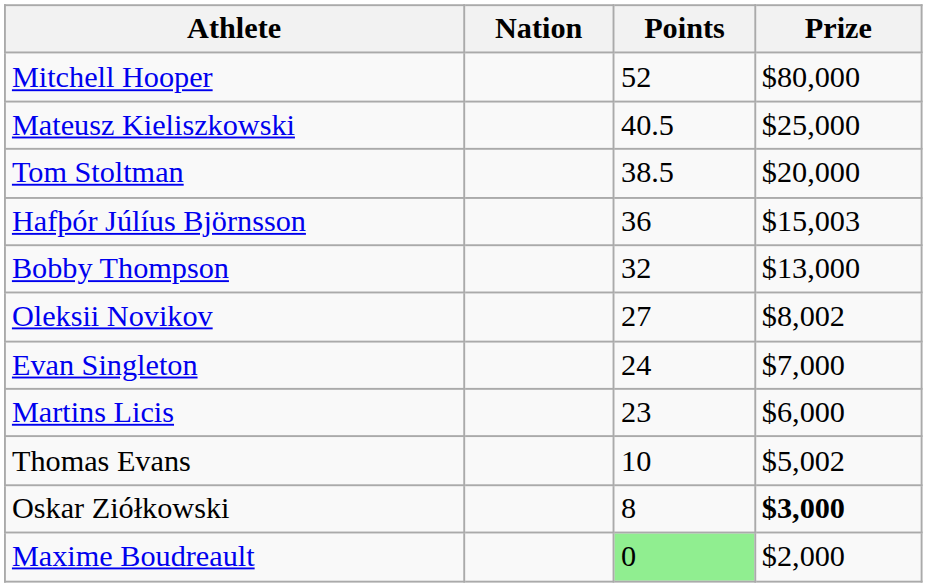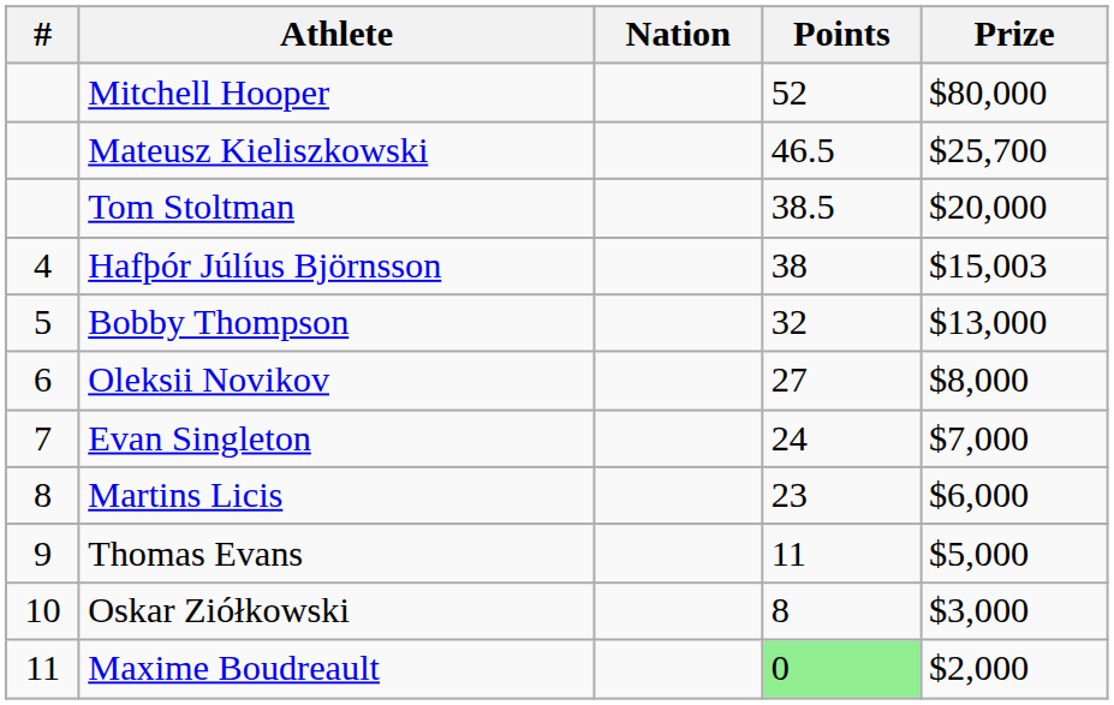 <table class="wikitable" style="display: inline-table;width: 55%;">
 <tr>
+<th scope="col">#</th>
 <th scope="col">Athlete</th>
 <th scope="col">Nation</th>
 <th scope="col">Points</th>
 <th scope="col">Prize</th>
 </tr>
 <tr>
+<td align="center"></td>
 <td><a href='#'>Mitchell Hooper</a></td>
 <td></td>
 <td>52</td>
 <td>$80,000</td>
 </tr>
 <tr>
+<td align="center"></td>
 <td><a href='#'>Mateusz Kieliszkowski</a></td>
 <td></td>
-<td>40.5</td>
-<td>$25,000</td>
+<td>46.5</td>
+<td>$25,700</td>
 </tr>
 <tr>
+<td align="center"></td>
 <td><a href='#'>Tom Stoltman</a></td>
 <td></td>
 <td>38.5</td>
 <td>$20,000</td>
 </tr>
 <tr>
+<td align="center">4</td>
 <td><a href='#'>Hafþór Júlíus Björnsson</a></td>
 <td></td>
-<td>36</td>
+<td>38</td>
 <td>$15,003</td>
 </tr>
 <tr>
+<td align="center">5</td>
 <td><a href='#'>Bobby Thompson</a></td>
 <td></td>
 <td>32</td>
 <td>$13,000</td>
 </tr>
 <tr>
+<td align="center">6</td>
 <td><a href='#'>Oleksii Novikov</a></td>
 <td></td>
 <td>27</td>
-<td>$8,002</td>
+<td>$8,000</td>
 </tr>
 <tr>
+<td align="center">7</td>
 <td><a href='#'>Evan Singleton</a></td>
 <td></td>
 <td>24</td>
 <td>$7,000</td>
 </tr>
 <tr>
+<td align="center">8</td>
 <td><a href='#'>Martins Licis</a></td>
 <td></td>
 <td>23</td>
 <td>$6,000</td>
 </tr>
 <tr>
+<td align="center">9</td>
 <td>Thomas Evans</td>
 <td></td>
-<td>10</td>
-<td>$5,002</td>
+<td>11</td>
+<td>$5,000</td>
 </tr>
 <tr>
+<td align="center">10</td>
 <td>Oskar Ziółkowski</td>
 <td></td>
 <td>8</td>
-<td><strong>$3,000</strong></td>
+<td>$3,000</td>
 </tr>
 <tr>
+<td align="center">11</td>
 <td><a href='#'>Maxime Boudreault</a></td>
 <td></td>
 <td style="background: lightgreen;">0</td>
 <td>$2,000</td>
 </tr>
 </table>
